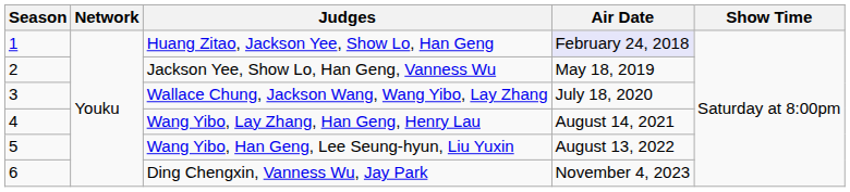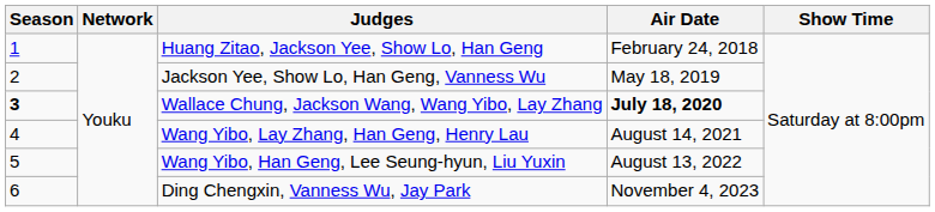 <table class="wikitable">
 <tr>
 <th>Season</th>
 <th>Network</th>
 <th>Judges</th>
 <th>Air Date</th>
 <th>Show Time</th>
 </tr>
 <tr>
 <td><a href='#'>1</a></td>
 <td rowspan="6">Youku</td>
 <td><a href='#'>Huang Zitao</a>, <a href='#'>Jackson Yee</a>, <a href='#'>Show Lo</a>, <a href='#'>Han Geng</a></td>
-<td style="background: lavender;">February 24, 2018</td>
+<td>February 24, 2018</td>
 <td rowspan="6">Saturday at 8:00pm</td>
 </tr>
 <tr>
 <td>2</td>
 <td>Jackson Yee, Show Lo, Han Geng, <a href='#'>Vanness Wu</a></td>
 <td>May 18, 2019</td>
 </tr>
 <tr>
-<td>3</td>
+<td><strong>3</strong></td>
 <td><a href='#'>Wallace Chung</a>, <a href='#'>Jackson Wang</a>, <a href='#'>Wang Yibo</a>, <a href='#'>Lay Zhang</a></td>
-<td>July 18, 2020</td>
+<td><strong>July 18, 2020</strong></td>
 </tr>
 <tr>
 <td>4</td>
 <td><a href='#'>Wang Yibo</a>, <a href='#'>Lay Zhang</a>, <a href='#'>Han Geng</a>, <a href='#'>Henry Lau</a></td>
 <td>August 14, 2021</td>
 </tr>
 <tr>
 <td>5</td>
 <td><a href='#'>Wang Yibo</a>, <a href='#'>Han Geng</a>, Lee Seung-hyun, <a href='#'>Liu Yuxin</a></td>
 <td>August 13, 2022</td>
 </tr>
 <tr>
 <td>6</td>
 <td>Ding Chengxin, <a href='#'>Vanness Wu</a>, <a href='#'>Jay Park</a></td>
 <td>November 4, 2023</td>
 </tr>
 </table>
